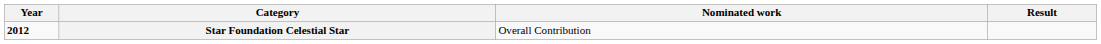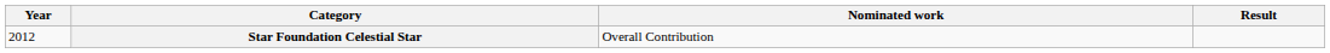 <table class="wikitable sortable plainrowheaders" style="width:100%;">
 <tr>
 <th scope="col" style="width:5%;">Year</th>
 <th scope="col" style="width:40%;">Category</th>
 <th scope="col" style="width:45%;">Nominated work</th>
 <th scope="col" style="width:10%;">Result</th>
 </tr>
 <tr>
-<td><strong>2012</strong></td>
+<td>2012</td>
 <th scope="row">Star Foundation Celestial Star</th>
 <td>Overall Contribution</td>
 <td></td>
 </tr>
 </table>
